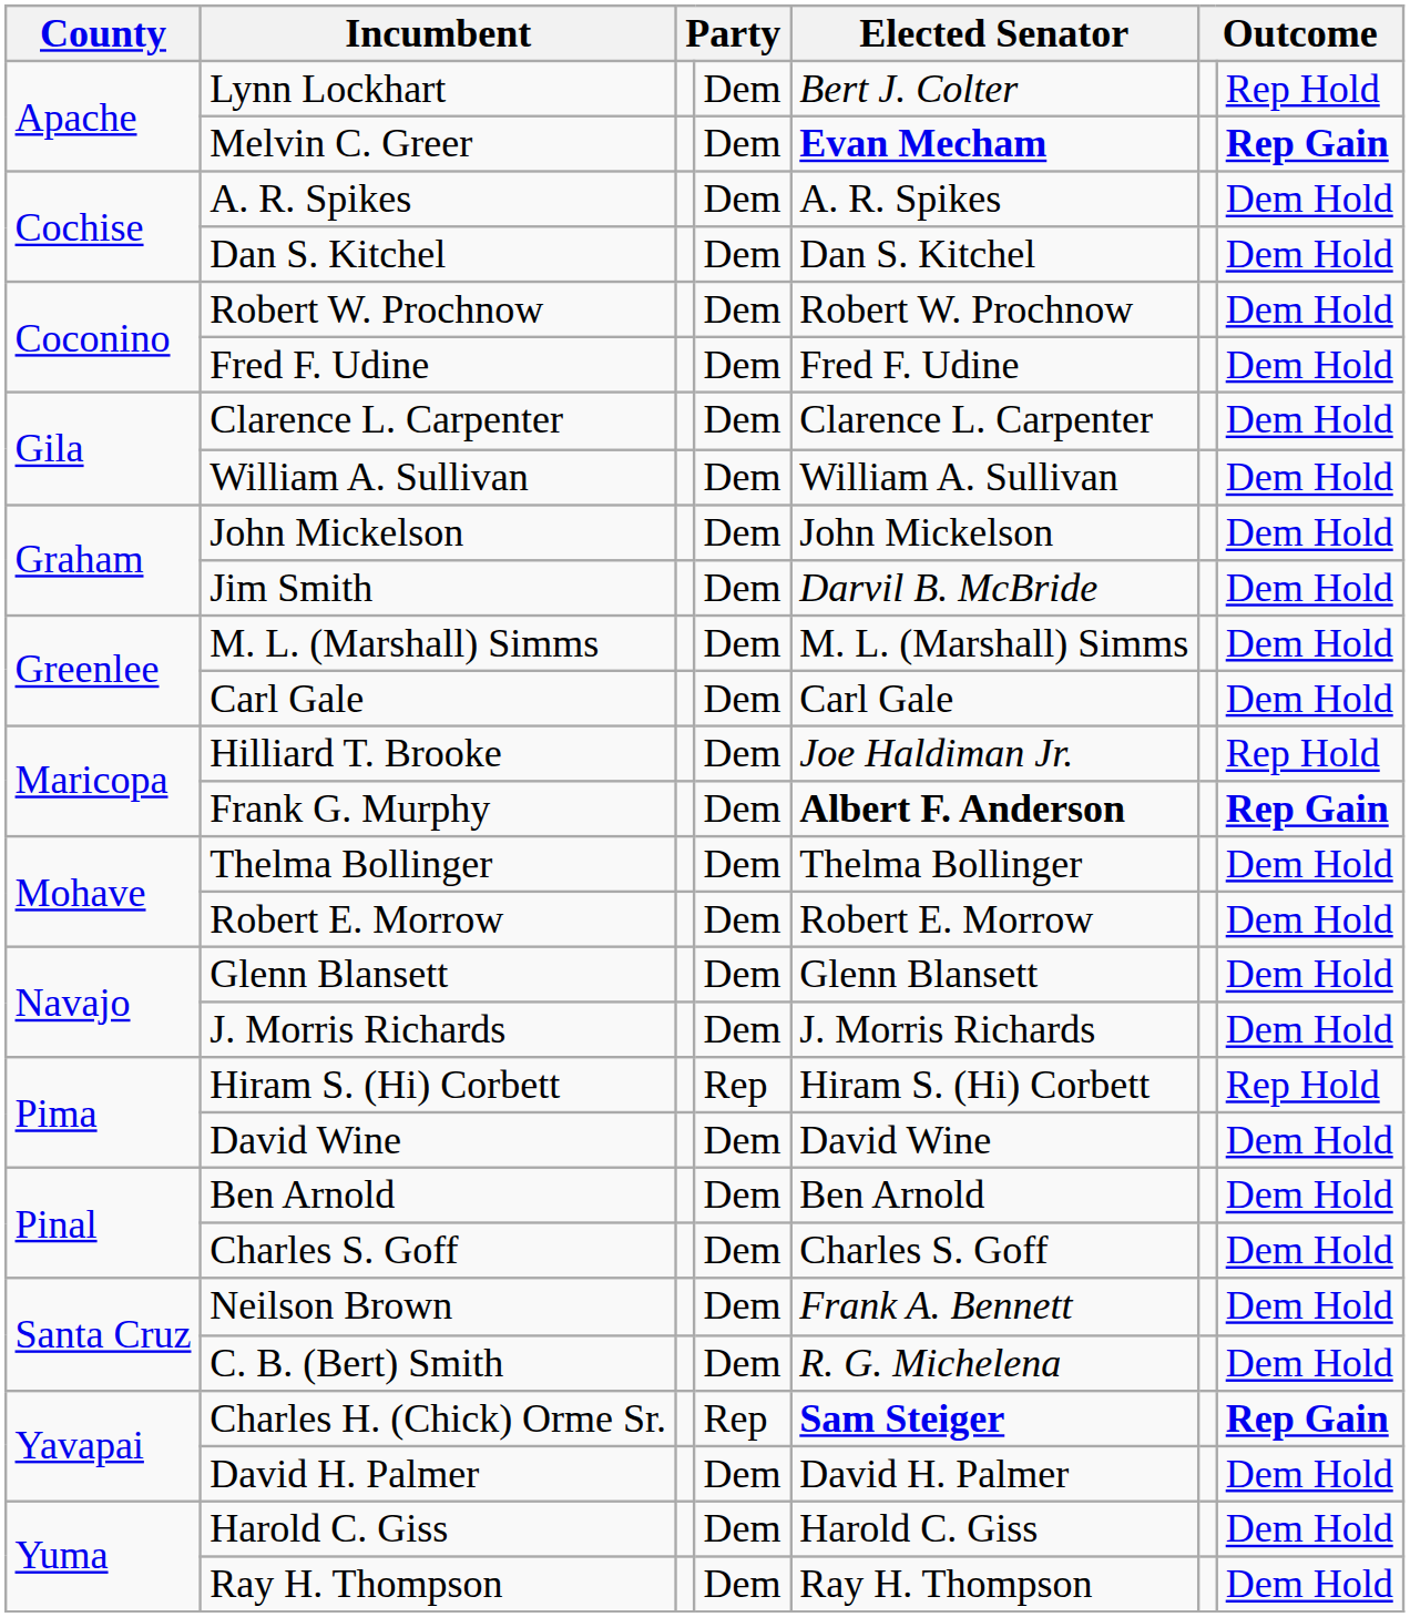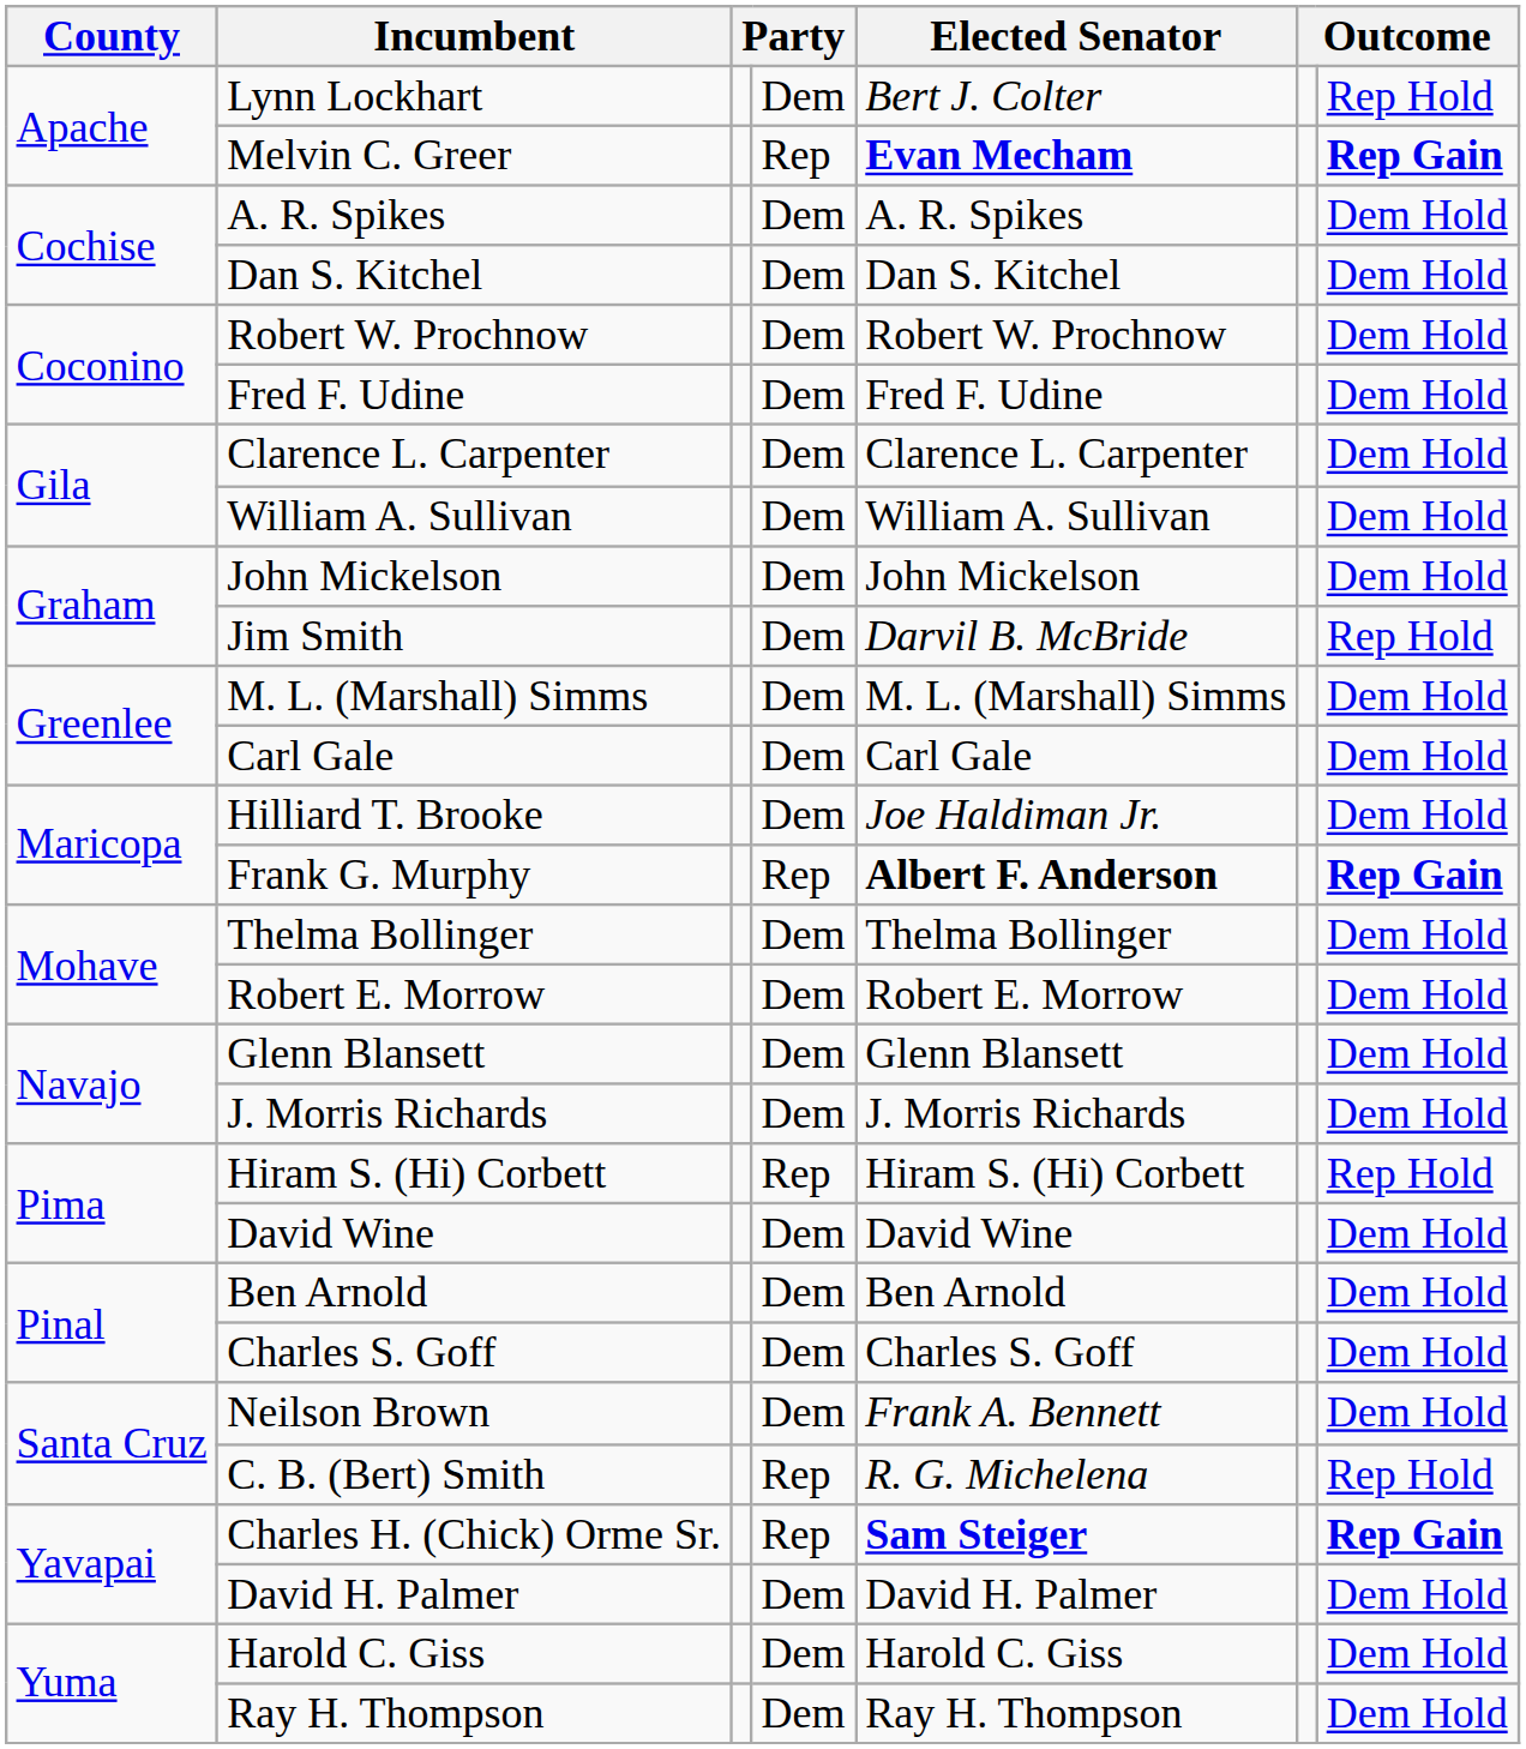 <table class="sortable wikitable" style="font-size:95%;line-height:14px;">
 <tr>
 <th><a href='#'>County</a></th>
 <th>Incumbent</th>
 <th colspan="2">Party</th>
 <th>Elected Senator</th>
 <th colspan="2">Outcome</th>
 </tr>
 <tr>
 <td rowspan="2"><a href='#'>Apache</a></td>
 <td>Lynn Lockhart</td>
 <td style="background:"></td>
 <td>Dem</td>
 <td><em>Bert J. Colter</em></td>
 <td style="background:"></td>
 <td><a href='#'>Rep Hold</a></td>
 </tr>
 <tr>
 <td>Melvin C. Greer</td>
 <td style="background:"></td>
-<td>Dem</td>
+<td>Rep</td>
 <td><strong><a href='#'>Evan Mecham</a></strong></td>
 <td style="background:"></td>
 <td><strong><a href='#'>Rep Gain</a></strong></td>
 </tr>
 <tr>
 <td rowspan="2"><a href='#'>Cochise</a></td>
 <td>A. R. Spikes</td>
 <td style="background:"></td>
 <td>Dem</td>
 <td>A. R. Spikes</td>
 <td style="background:"></td>
 <td><a href='#'>Dem Hold</a></td>
 </tr>
 <tr>
 <td>Dan S. Kitchel</td>
 <td style="background:"></td>
 <td>Dem</td>
 <td>Dan S. Kitchel</td>
 <td style="background:"></td>
 <td><a href='#'>Dem Hold</a></td>
 </tr>
 <tr>
 <td rowspan="2"><a href='#'>Coconino</a></td>
 <td>Robert W. Prochnow</td>
 <td style="background:"></td>
 <td>Dem</td>
 <td>Robert W. Prochnow</td>
 <td style="background:"></td>
 <td><a href='#'>Dem Hold</a></td>
 </tr>
 <tr>
 <td>Fred F. Udine</td>
 <td style="background:"></td>
 <td>Dem</td>
 <td>Fred F. Udine</td>
 <td style="background:"></td>
 <td><a href='#'>Dem Hold</a></td>
 </tr>
 <tr>
 <td rowspan="2"><a href='#'>Gila</a></td>
 <td>Clarence L. Carpenter</td>
 <td style="background:"></td>
 <td>Dem</td>
 <td>Clarence L. Carpenter</td>
 <td style="background:"></td>
 <td><a href='#'>Dem Hold</a></td>
 </tr>
 <tr>
 <td>William A. Sullivan</td>
 <td style="background:"></td>
 <td>Dem</td>
 <td>William A. Sullivan</td>
 <td style="background:"></td>
 <td><a href='#'>Dem Hold</a></td>
 </tr>
 <tr>
 <td rowspan="2"><a href='#'>Graham</a></td>
 <td>John Mickelson</td>
 <td style="background:"></td>
 <td>Dem</td>
 <td>John Mickelson</td>
 <td style="background:"></td>
 <td><a href='#'>Dem Hold</a></td>
 </tr>
 <tr>
 <td>Jim Smith</td>
 <td style="background:"></td>
 <td>Dem</td>
 <td><em>Darvil B. McBride</em></td>
 <td style="background:"></td>
-<td><a href='#'>Dem Hold</a></td>
+<td><a href='#'>Rep Hold</a></td>
 </tr>
 <tr>
 <td rowspan="2"><a href='#'>Greenlee</a></td>
 <td>M. L. (Marshall) Simms</td>
 <td style="background:"></td>
 <td>Dem</td>
 <td>M. L. (Marshall) Simms</td>
 <td style="background:"></td>
 <td><a href='#'>Dem Hold</a></td>
 </tr>
 <tr>
 <td>Carl Gale</td>
 <td style="background:"></td>
 <td>Dem</td>
 <td>Carl Gale</td>
 <td style="background:"></td>
 <td><a href='#'>Dem Hold</a></td>
 </tr>
 <tr>
 <td rowspan="2"><a href='#'>Maricopa</a></td>
 <td>Hilliard T. Brooke</td>
 <td style="background:"></td>
 <td>Dem</td>
 <td><em>Joe Haldiman Jr.</em></td>
 <td style="background:"></td>
-<td><a href='#'>Rep Hold</a></td>
+<td><a href='#'>Dem Hold</a></td>
 </tr>
 <tr>
 <td>Frank G. Murphy</td>
 <td style="background:"></td>
-<td>Dem</td>
+<td>Rep</td>
 <td><strong>Albert F. Anderson</strong></td>
 <td style="background:"></td>
 <td><strong><a href='#'>Rep Gain</a></strong></td>
 </tr>
 <tr>
 <td rowspan="2"><a href='#'>Mohave</a></td>
 <td>Thelma Bollinger</td>
 <td style="background:"></td>
 <td>Dem</td>
 <td>Thelma Bollinger</td>
 <td style="background:"></td>
 <td><a href='#'>Dem Hold</a></td>
 </tr>
 <tr>
 <td>Robert E. Morrow</td>
 <td style="background:"></td>
 <td>Dem</td>
 <td>Robert E. Morrow</td>
 <td style="background:"></td>
 <td><a href='#'>Dem Hold</a></td>
 </tr>
 <tr>
 <td rowspan="2"><a href='#'>Navajo</a></td>
 <td>Glenn Blansett</td>
 <td style="background:"></td>
 <td>Dem</td>
 <td>Glenn Blansett</td>
 <td style="background:"></td>
 <td><a href='#'>Dem Hold</a></td>
 </tr>
 <tr>
 <td>J. Morris Richards</td>
 <td style="background:"></td>
 <td>Dem</td>
 <td>J. Morris Richards</td>
 <td style="background:"></td>
 <td><a href='#'>Dem Hold</a></td>
 </tr>
 <tr>
 <td rowspan="2"><a href='#'>Pima</a></td>
 <td>Hiram S. (Hi) Corbett</td>
 <td style="background:"></td>
 <td>Rep</td>
 <td>Hiram S. (Hi) Corbett</td>
 <td style="background:"></td>
 <td><a href='#'>Rep Hold</a></td>
 </tr>
 <tr>
 <td>David Wine</td>
 <td style="background:"></td>
 <td>Dem</td>
 <td>David Wine</td>
 <td style="background:"></td>
 <td><a href='#'>Dem Hold</a></td>
 </tr>
 <tr>
 <td rowspan="2"><a href='#'>Pinal</a></td>
 <td>Ben Arnold</td>
 <td style="background:"></td>
 <td>Dem</td>
 <td>Ben Arnold</td>
 <td style="background:"></td>
 <td><a href='#'>Dem Hold</a></td>
 </tr>
 <tr>
 <td>Charles S. Goff</td>
 <td style="background:"></td>
 <td>Dem</td>
 <td>Charles S. Goff</td>
 <td style="background:"></td>
 <td><a href='#'>Dem Hold</a></td>
 </tr>
 <tr>
 <td rowspan="2"><a href='#'>Santa Cruz</a></td>
 <td>Neilson Brown</td>
 <td style="background:"></td>
 <td>Dem</td>
 <td><em>Frank A. Bennett</em></td>
 <td style="background:"></td>
 <td><a href='#'>Dem Hold</a></td>
 </tr>
 <tr>
 <td>C. B. (Bert) Smith</td>
 <td style="background:"></td>
-<td>Dem</td>
+<td>Rep</td>
 <td><em>R. G. Michelena</em></td>
 <td style="background:"></td>
-<td><a href='#'>Dem Hold</a></td>
+<td><a href='#'>Rep Hold</a></td>
 </tr>
 <tr>
 <td rowspan="2"><a href='#'>Yavapai</a></td>
 <td>Charles H. (Chick) Orme Sr.</td>
 <td style="background:"></td>
 <td>Rep</td>
 <td><strong><a href='#'>Sam Steiger</a></strong></td>
 <td style="background:"></td>
 <td><strong><a href='#'>Rep Gain</a></strong></td>
 </tr>
 <tr>
 <td>David H. Palmer</td>
 <td style="background:"></td>
 <td>Dem</td>
 <td>David H. Palmer</td>
 <td style="background:"></td>
 <td><a href='#'>Dem Hold</a></td>
 </tr>
 <tr>
 <td rowspan="2"><a href='#'>Yuma</a></td>
 <td>Harold C. Giss</td>
 <td style="background:"></td>
 <td>Dem</td>
 <td>Harold C. Giss</td>
 <td style="background:"></td>
 <td><a href='#'>Dem Hold</a></td>
 </tr>
 <tr>
 <td>Ray H. Thompson</td>
 <td style="background:"></td>
 <td>Dem</td>
 <td>Ray H. Thompson</td>
 <td style="background:"></td>
 <td><a href='#'>Dem Hold</a></td>
 </tr>
 <tr>
 </tr>
 </table>
